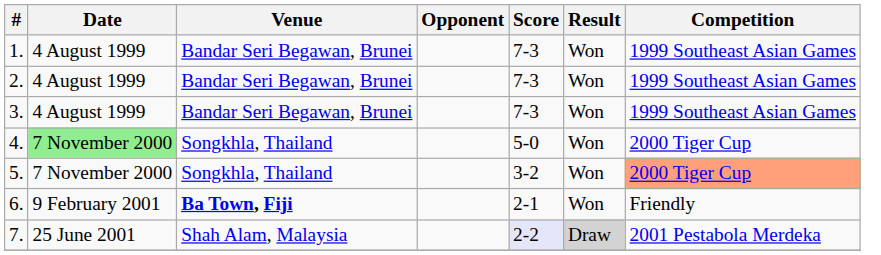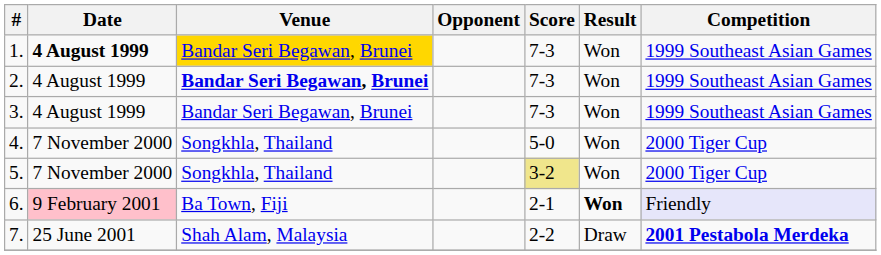 <table class="wikitable">
 <tr>
 <th>#</th>
 <th>Date</th>
 <th>Venue</th>
 <th>Opponent</th>
 <th>Score</th>
 <th>Result</th>
 <th>Competition</th>
 </tr>
 <tr>
 <td>1.</td>
-<td>4 August 1999</td>
-<td><a href='#'>Bandar Seri Begawan</a>, <a href='#'>Brunei</a></td>
+<td><strong>4 August 1999</strong></td>
+<td style="background: gold;"><a href='#'>Bandar Seri Begawan</a>, <a href='#'>Brunei</a></td>
 <td></td>
 <td>7-3</td>
 <td>Won</td>
 <td><a href='#'>1999 Southeast Asian Games</a></td>
 </tr>
 <tr>
 <td>2.</td>
 <td>4 August 1999</td>
-<td><a href='#'>Bandar Seri Begawan</a>, <a href='#'>Brunei</a></td>
+<td><strong><a href='#'>Bandar Seri Begawan</a>, <a href='#'>Brunei</a></strong></td>
 <td></td>
 <td>7-3</td>
 <td>Won</td>
 <td><a href='#'>1999 Southeast Asian Games</a></td>
 </tr>
 <tr>
 <td>3.</td>
 <td>4 August 1999</td>
 <td><a href='#'>Bandar Seri Begawan</a>, <a href='#'>Brunei</a></td>
 <td></td>
 <td>7-3</td>
 <td>Won</td>
 <td><a href='#'>1999 Southeast Asian Games</a></td>
 </tr>
 <tr>
 <td>4.</td>
-<td style="background: lightgreen;">7 November 2000</td>
+<td>7 November 2000</td>
 <td><a href='#'>Songkhla</a>, <a href='#'>Thailand</a></td>
 <td></td>
 <td>5-0</td>
 <td>Won</td>
 <td><a href='#'>2000 Tiger Cup</a></td>
 </tr>
 <tr>
 <td>5.</td>
 <td>7 November 2000</td>
 <td><a href='#'>Songkhla</a>, <a href='#'>Thailand</a></td>
 <td></td>
-<td>3-2</td>
+<td style="background: khaki;">3-2</td>
 <td>Won</td>
-<td style="background: lightsalmon;"><a href='#'>2000 Tiger Cup</a></td>
+<td><a href='#'>2000 Tiger Cup</a></td>
 </tr>
 <tr>
 <td>6.</td>
-<td>9 February 2001</td>
-<td><strong><a href='#'>Ba Town</a>, <a href='#'>Fiji</a></strong></td>
+<td style="background: pink;">9 February 2001</td>
+<td><a href='#'>Ba Town</a>, <a href='#'>Fiji</a></td>
 <td></td>
 <td>2-1</td>
-<td>Won</td>
-<td>Friendly</td>
+<td><strong>Won</strong></td>
+<td style="background: lavender;">Friendly</td>
 </tr>
 <tr>
 <td>7.</td>
 <td>25 June 2001</td>
 <td><a href='#'>Shah Alam</a>, <a href='#'>Malaysia</a></td>
 <td></td>
-<td style="background: lavender;">2-2</td>
-<td style="background: lightgrey;">Draw</td>
-<td><a href='#'>2001 Pestabola Merdeka</a></td>
+<td>2-2</td>
+<td>Draw</td>
+<td><strong><a href='#'>2001 Pestabola Merdeka</a></strong></td>
 </tr>
 <tr>
 </tr>
 </table>
